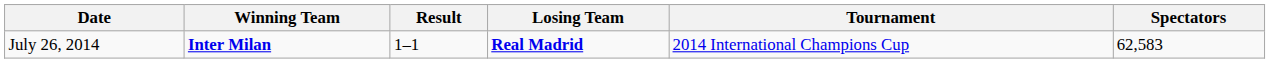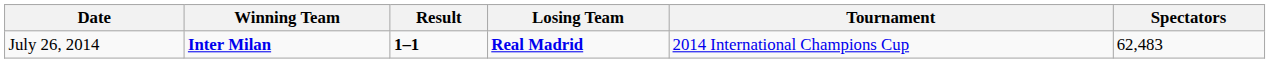 <table class="wikitable" style="text-align:left; width:95%;" style="text-align:center">
 <tr>
 <th>Date</th>
 <th>Winning Team</th>
 <th>Result</th>
 <th>Losing Team</th>
 <th>Tournament</th>
 <th>Spectators</th>
 </tr>
 <tr>
 <td>July 26, 2014</td>
 <td> <strong><a href='#'>Inter Milan</a></strong></td>
-<td>1–1<br></td>
+<td><strong>1–1<br></strong></td>
 <td><strong> <a href='#'>Real Madrid</a></strong></td>
 <td><a href='#'>2014 International Champions Cup</a></td>
-<td>62,583</td>
+<td>62,483</td>
 </tr>
 </table>
